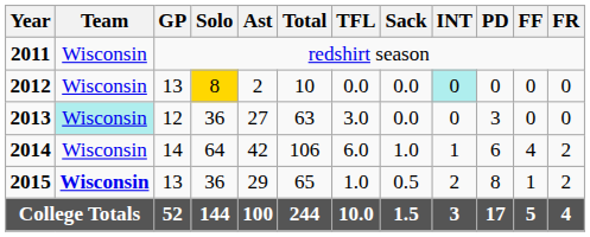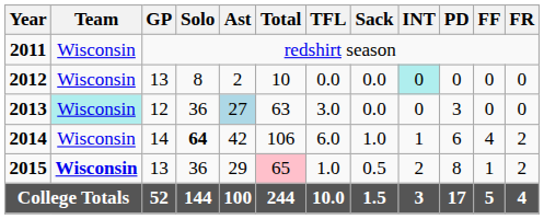 <table class="wikitable" style="text-align:center;">
 <tr>
 <th>Year</th>
 <th>Team</th>
 <th>GP</th>
 <th>Solo</th>
 <th>Ast</th>
 <th>Total</th>
 <th>TFL</th>
 <th>Sack</th>
 <th>INT</th>
 <th>PD</th>
 <th>FF</th>
 <th>FR</th>
 </tr>
 <tr>
 <td><strong>2011</strong></td>
 <td><a href='#'>Wisconsin</a></td>
 <td colspan=10><a href='#'>redshirt</a> season</td>
 </tr>
 <tr>
 <td><strong>2012</strong></td>
 <td><a href='#'>Wisconsin</a></td>
 <td>13</td>
-<td style="background: gold;">8</td>
+<td>8</td>
 <td>2</td>
 <td>10</td>
 <td>0.0</td>
 <td>0.0</td>
 <td style="background: paleturquoise;">0</td>
 <td>0</td>
 <td>0</td>
 <td>0</td>
 </tr>
 <tr>
 <td><strong>2013</strong></td>
 <td style="background: paleturquoise;"><a href='#'>Wisconsin</a></td>
 <td>12</td>
 <td>36</td>
-<td>27</td>
+<td style="background: lightblue;">27</td>
 <td>63</td>
 <td>3.0</td>
 <td>0.0</td>
 <td>0</td>
 <td>3</td>
 <td>0</td>
 <td>0</td>
 </tr>
 <tr>
 <td><strong>2014</strong></td>
 <td><a href='#'>Wisconsin</a></td>
 <td>14</td>
-<td>64</td>
+<td><strong>64</strong></td>
 <td>42</td>
 <td>106</td>
 <td>6.0</td>
 <td>1.0</td>
 <td>1</td>
 <td>6</td>
 <td>4</td>
 <td>2</td>
 </tr>
 <tr>
 <td><strong>2015</strong></td>
 <td><strong><a href='#'>Wisconsin</a></strong></td>
 <td>13</td>
 <td>36</td>
 <td>29</td>
-<td>65</td>
+<td style="background: pink;">65</td>
 <td>1.0</td>
 <td>0.5</td>
 <td>2</td>
 <td>8</td>
 <td>1</td>
 <td>2</td>
 </tr>
 <tr style="background:#555555;font-weight:bold;color:white;">
 <td colspan=2>College Totals</td>
 <td>52</td>
 <td>144</td>
 <td>100</td>
 <td>244</td>
 <td>10.0</td>
 <td>1.5</td>
 <td>3</td>
 <td>17</td>
 <td>5</td>
 <td>4</td>
 </tr>
 <tr style="background:#555555;font-weight:bold;color:white;">
 </tr>
 </table>
